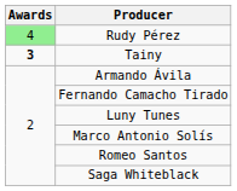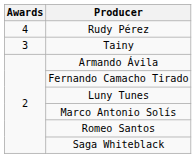 <table class="wikitable" rowspan="2" style="text-align:center;">
 <tr>
 <th scope="col">Awards</th>
 <th scope="col">Producer</th>
 </tr>
 <tr>
-<td style="background: lightgreen;">4</td>
+<td>4</td>
 <td>Rudy Pérez</td>
 </tr>
 <tr>
-<td><strong>3</strong></td>
+<td>3</td>
 <td>Tainy</td>
 </tr>
 <tr>
 <td rowspan="6">2</td>
 <td>Armando Ávila</td>
 </tr>
 <tr>
 <td>Fernando Camacho Tirado</td>
 </tr>
 <tr>
 <td>Luny Tunes</td>
 </tr>
 <tr>
 <td>Marco Antonio Solís</td>
 </tr>
 <tr>
 <td>Romeo Santos</td>
 </tr>
 <tr>
 <td>Saga Whiteblack</td>
 </tr>
 </table>
